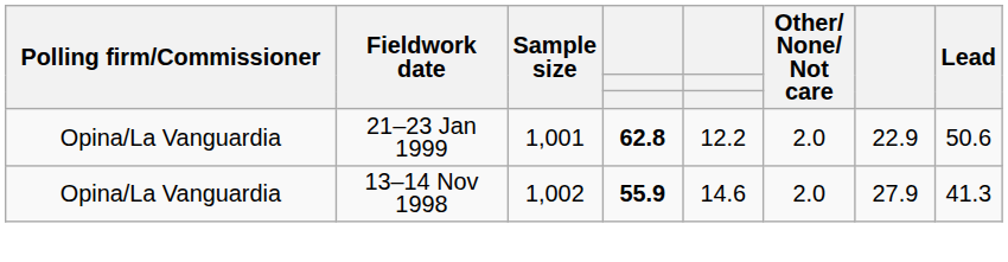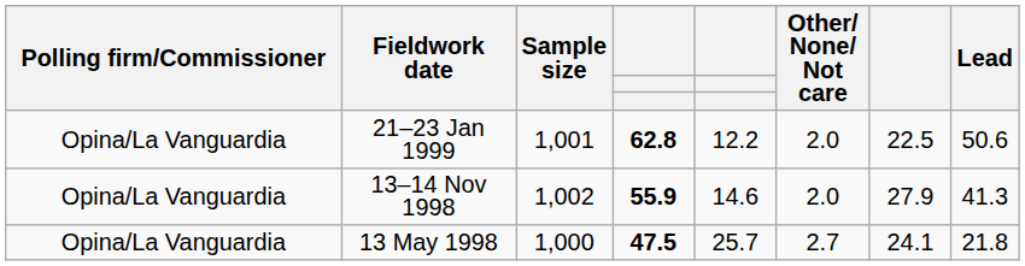 <table class="wikitable collapsible" style="text-align:center; font-size:90%; line-height:14px;">
 <tr style="height:42px; background-color:#E9E9E9">
 <th style="width:250px;" rowspan="3">Polling firm/Commissioner</th>
 <th style="width:125px;" rowspan="3">Fieldwork date</th>
 <th style="width:50px;" rowspan="3">Sample size</th>
 <th style="width:55px;"></th>
 <th style="width:55px;"></th>
 <th style="width:55px;" rowspan="3">Other/<br>None/<br>Not<br>care</th>
 <th style="width:55px;" rowspan="3"></th>
 <th style="width:30px;" rowspan="3">Lead</th>
 </tr>
 <tr>
 <th style="color:inherit;background:"></th>
 <th style="color:inherit;background:"></th>
 </tr>
 <tr>
 <th></th>
 <th></th>
 </tr>
 <tr>
 <td>Opina/La Vanguardia</td>
 <td>21–23 Jan 1999</td>
 <td>1,001</td>
 <td><strong>62.8</strong></td>
 <td>12.2</td>
 <td>2.0</td>
-<td>22.9</td>
+<td>22.5</td>
 <td style="background:">50.6</td>
 </tr>
 <tr>
 <td>Opina/La Vanguardia</td>
 <td>13–14 Nov 1998</td>
 <td>1,002</td>
 <td><strong>55.9</strong></td>
 <td>14.6</td>
 <td>2.0</td>
 <td>27.9</td>
 <td style="background:">41.3</td>
 </tr>
+<tr>
+<td>Opina/La Vanguardia</td>
+<td>13 May 1998</td>
+<td>1,000</td>
+<td><strong>47.5</strong></td>
+<td>25.7</td>
+<td>2.7</td>
+<td>24.1</td>
+<td style="background:">21.8</td>
+</tr>
 </table>
